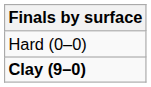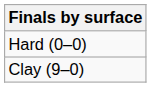 <table class=wikitable style=font-size:90%>
 <tr>
 <th>Finals by surface</th>
 </tr>
 <tr>
 <td>Hard (0–0)</td>
 </tr>
 <tr>
-<td><strong>Clay (9–0)</strong></td>
+<td>Clay (9–0)</td>
 </tr>
 </table>
